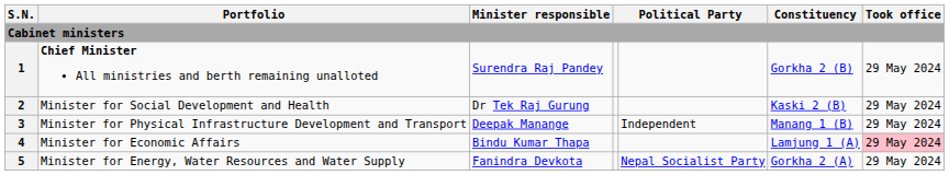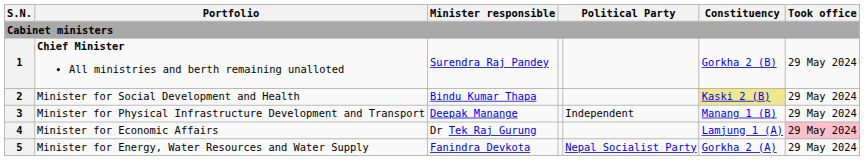 <table class="wikitable">
 <tr>
 <th>S.N.</th>
 <th>Portfolio</th>
 <th>Minister responsible</th>
 <th colspan="2">Political Party</th>
 <th>Constituency</th>
 <th>Took office</th>
 </tr>
 <tr>
 <td colspan="7" bgcolor="darkgrey"><strong>Cabinet ministers</strong></td>
 </tr>
 <tr>
 <th>1</th>
 <td><strong>Chief Minister</strong><br><ul><li>All ministries and berth remaining unalloted</li></ul></td>
 <td><a href='#'>Surendra Raj Pandey</a></td>
 <td></td>
 <td></td>
 <td><a href='#'>Gorkha 2 (B)</a></td>
 <td>29 May 2024</td>
 </tr>
 <tr>
 <th>2</th>
 <td>Minister for Social Development and Health</td>
-<td>Dr <a href='#'>Tek Raj Gurung</a></td>
+<td><a href='#'>Bindu Kumar Thapa</a></td>
 <td></td>
 <td></td>
-<td><a href='#'>Kaski 2 (B)</a></td>
+<td style="background: khaki;"><a href='#'>Kaski 2 (B)</a></td>
 <td>29 May 2024</td>
 </tr>
 <tr>
 <th>3</th>
 <td>Minister for Physical Infrastructure Development and Transport</td>
 <td><a href='#'>Deepak Manange</a></td>
 <td></td>
 <td>Independent</td>
 <td><a href='#'>Manang 1 (B)</a></td>
 <td>29 May 2024</td>
 </tr>
 <tr>
 <th>4</th>
 <td>Minister for Economic Affairs</td>
-<td><a href='#'>Bindu Kumar Thapa</a></td>
+<td>Dr <a href='#'>Tek Raj Gurung</a></td>
 <td></td>
 <td></td>
 <td><a href='#'>Lamjung 1 (A)</a></td>
 <td style="background: pink;">29 May 2024</td>
 </tr>
 <tr>
 <th>5</th>
 <td>Minister for Energy, Water Resources and Water Supply</td>
 <td><a href='#'>Fanindra Devkota</a></td>
 <td></td>
 <td><a href='#'>Nepal Socialist Party</a></td>
 <td><a href='#'>Gorkha 2 (A)</a></td>
 <td>29 May 2024</td>
 </tr>
 </table>
